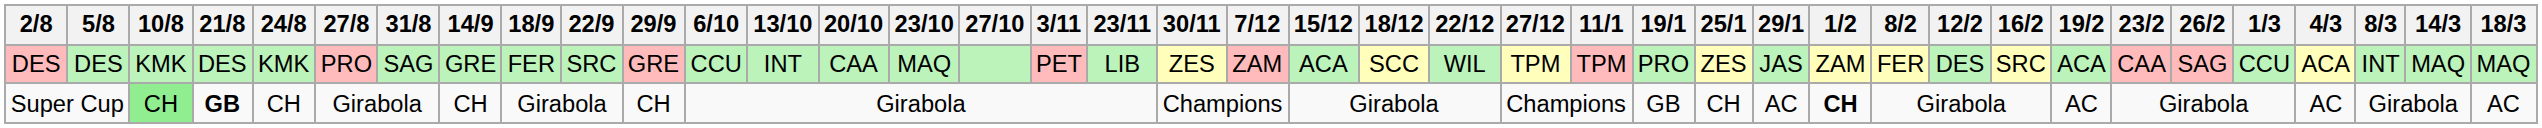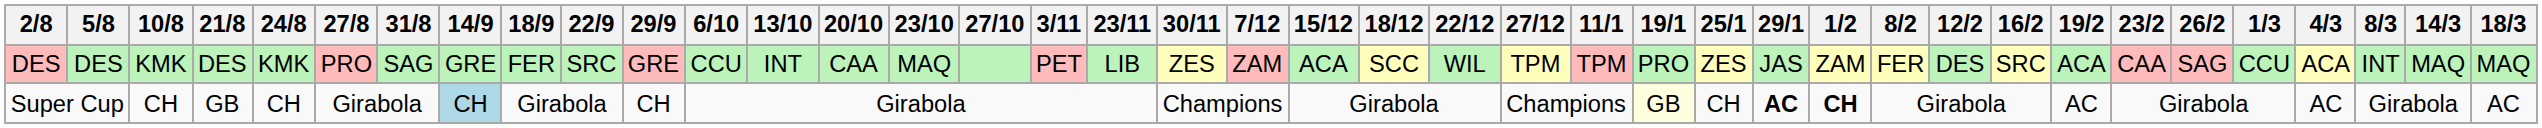 <table class="wikitable" style="font-size: 74%; text-align:center;">
 <tr>
 <th align=center>2/8</th>
 <th>5/8</th>
 <th>10/8</th>
 <th>21/8</th>
 <th>24/8</th>
 <th>27/8</th>
 <th>31/8</th>
 <th>14/9</th>
 <th>18/9</th>
 <th>22/9</th>
 <th>29/9</th>
 <th>6/10</th>
 <th>13/10</th>
 <th>20/10</th>
 <th>23/10</th>
 <th>27/10</th>
 <th>3/11</th>
 <th>23/11</th>
 <th>30/11</th>
 <th>7/12</th>
 <th>15/12</th>
 <th>18/12</th>
 <th>22/12</th>
 <th>27/12</th>
 <th>11/1</th>
 <th>19/1</th>
 <th>25/1</th>
 <th>29/1</th>
 <th>1/2</th>
 <th>8/2</th>
 <th>12/2</th>
 <th>16/2</th>
 <th>19/2</th>
 <th>23/2</th>
 <th>26/2</th>
 <th>1/3</th>
 <th>4/3</th>
 <th>8/3</th>
 <th>14/3</th>
 <th>18/3</th>
 </tr>
 <tr align=center>
 <td bgcolor=#ffbbbb>DES</td>
 <td bgcolor=#bbf3bb>DES</td>
 <td bgcolor=#bbf3bb>KMK</td>
 <td bgcolor=#bbf3bb>DES</td>
 <td bgcolor=#bbf3bb>KMK</td>
 <td bgcolor=#ffbbbb>PRO</td>
 <td bgcolor=#bbf3bb>SAG</td>
 <td bgcolor=#bbf3bb>GRE</td>
 <td bgcolor=#bbf3bb>FER</td>
 <td bgcolor=#bbf3bb>SRC</td>
 <td bgcolor=#ffbbbb>GRE</td>
 <td bgcolor=#bbf3bb>CCU</td>
 <td bgcolor=#bbf3bb>INT</td>
 <td bgcolor=#bbf3bb>CAA</td>
 <td bgcolor=#bbf3bb>MAQ</td>
 <td bgcolor=#bbf3bb></td>
 <td bgcolor=#ffbbbb>PET</td>
 <td bgcolor=#bbf3bb>LIB</td>
 <td bgcolor=#ffffbb>ZES</td>
 <td bgcolor=#ffbbbb>ZAM</td>
 <td bgcolor=#bbf3bb>ACA</td>
 <td bgcolor=#ffffbb>SCC</td>
 <td bgcolor=#bbf3bb>WIL</td>
 <td bgcolor=#ffffbb>TPM</td>
 <td bgcolor=#ffbbbb>TPM</td>
 <td bgcolor=#bbf3bb>PRO</td>
 <td bgcolor=#ffffbb>ZES</td>
 <td bgcolor=#bbf3bb>JAS</td>
 <td bgcolor=#ffffbb>ZAM</td>
 <td bgcolor=#ffffbb>FER</td>
 <td bgcolor=#bbf3bb>DES</td>
 <td bgcolor=#ffffbb>SRC</td>
 <td bgcolor=#bbf3bb>ACA</td>
 <td bgcolor=#ffbbbb>CAA</td>
 <td bgcolor=#ffbbbb>SAG</td>
 <td bgcolor=#bbf3bb>CCU</td>
 <td bgcolor=#ffffbb>ACA</td>
 <td bgcolor=#bbf3bb>INT</td>
 <td bgcolor=#bbf3bb>MAQ</td>
 <td bgcolor=#bbf3bb>MAQ</td>
 </tr>
 <tr align=center>
 <td colspan=2>Super Cup</td>
-<td style="background: lightgreen;">CH</td>
-<td><strong>GB</strong></td>
+<td>CH</td>
+<td>GB</td>
 <td>CH</td>
 <td colspan=2>Girabola</td>
-<td>CH</td>
+<td style="background: lightblue;">CH</td>
 <td colspan=2>Girabola</td>
 <td>CH</td>
 <td colspan=7>Girabola</td>
 <td colspan=2>Champions</td>
 <td colspan=3>Girabola</td>
 <td colspan=2>Champions</td>
-<td>GB</td>
+<td style="background: lightyellow;">GB</td>
 <td>CH</td>
-<td>AC</td>
+<td><strong>AC</strong></td>
 <td><strong>CH</strong></td>
 <td colspan=3>Girabola</td>
 <td>AC</td>
 <td colspan=3>Girabola</td>
 <td>AC</td>
 <td colspan=2>Girabola</td>
 <td>AC</td>
 </tr>
 </table>
